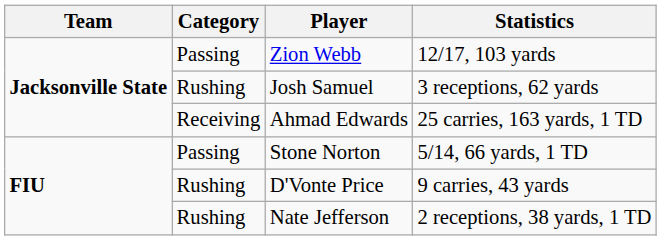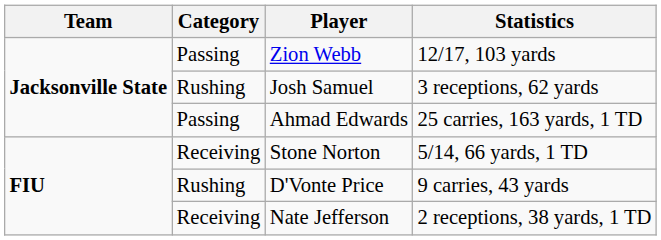 <table class="wikitable" style="float: left;">
 <tr>
 <th>Team</th>
 <th>Category</th>
 <th>Player</th>
 <th>Statistics</th>
 </tr>
 <tr>
 <td rowspan=3><strong>Jacksonville State</strong></td>
 <td>Passing</td>
 <td><a href='#'>Zion Webb</a></td>
 <td>12/17, 103 yards</td>
 </tr>
 <tr>
 <td>Rushing</td>
 <td>Josh Samuel</td>
 <td>3 receptions, 62 yards</td>
 </tr>
 <tr>
-<td>Receiving</td>
+<td>Passing</td>
 <td>Ahmad Edwards</td>
 <td>25 carries, 163 yards, 1 TD</td>
 </tr>
 <tr>
 <td rowspan=3><strong>FIU</strong></td>
-<td>Passing</td>
+<td>Receiving</td>
 <td>Stone Norton</td>
 <td>5/14, 66 yards, 1 TD</td>
 </tr>
 <tr>
 <td>Rushing</td>
 <td>D'Vonte Price</td>
 <td>9 carries, 43 yards</td>
 </tr>
 <tr>
-<td>Rushing</td>
+<td>Receiving</td>
 <td>Nate Jefferson</td>
 <td>2 receptions, 38 yards, 1 TD</td>
 </tr>
 </table>
